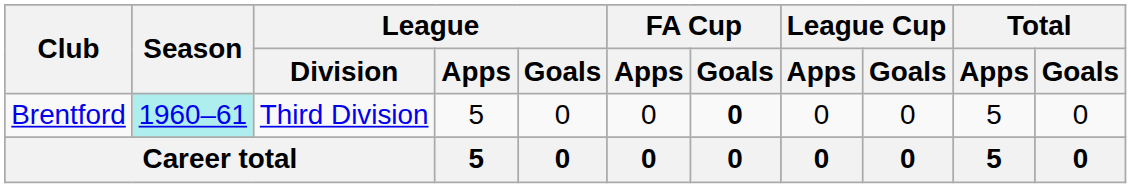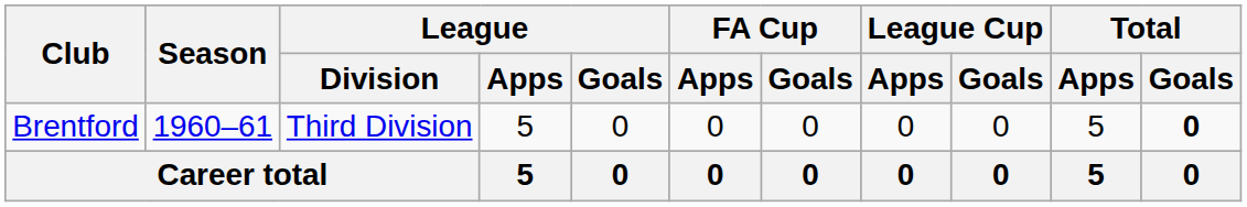 <table class="wikitable" style="text-align: center;">
 <tr>
 <th rowspan="2">Club</th>
 <th rowspan="2">Season</th>
 <th colspan="3">League</th>
 <th colspan="2">FA Cup</th>
 <th colspan="2">League Cup</th>
 <th colspan="2">Total</th>
 </tr>
 <tr>
 <th>Division</th>
 <th>Apps</th>
 <th>Goals</th>
 <th>Apps</th>
 <th>Goals</th>
 <th>Apps</th>
 <th>Goals</th>
 <th>Apps</th>
 <th>Goals</th>
 </tr>
 <tr>
 <td><a href='#'>Brentford</a></td>
-<td style="background: paleturquoise;"><a href='#'>1960–61</a></td>
+<td><a href='#'>1960–61</a></td>
 <td><a href='#'>Third Division</a></td>
 <td>5</td>
 <td>0</td>
 <td>0</td>
-<td><strong>0</strong></td>
+<td>0</td>
 <td>0</td>
 <td>0</td>
 <td>5</td>
-<td>0</td>
+<td><strong>0</strong></td>
 </tr>
 <tr>
 <th colspan="3">Career total</th>
 <th>5</th>
 <th>0</th>
 <th>0</th>
 <th>0</th>
 <th>0</th>
 <th>0</th>
 <th>5</th>
 <th>0</th>
 </tr>
 </table>
